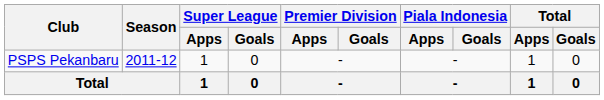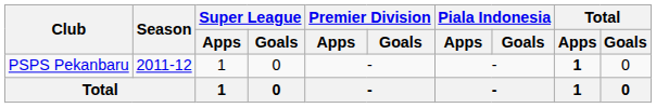 <table class="wikitable" style="font-size:90%; text-align:center;">
 <tr>
 <th rowspan="2">Club</th>
 <th rowspan="2">Season</th>
 <th colspan="2"><a href='#'>Super League</a></th>
 <th colspan="2"><a href='#'>Premier Division</a></th>
 <th colspan="2"><a href='#'>Piala Indonesia</a></th>
 <th colspan="2">Total</th>
 </tr>
 <tr>
 <th>Apps</th>
 <th>Goals</th>
 <th>Apps</th>
 <th>Goals</th>
 <th>Apps</th>
 <th>Goals</th>
 <th>Apps</th>
 <th>Goals</th>
 </tr>
 <tr>
 <td rowspan="1"><a href='#'>PSPS Pekanbaru</a></td>
 <td><a href='#'>2011-12</a></td>
 <td>1</td>
 <td>0</td>
 <td colspan="2">-</td>
 <td colspan="2">-</td>
-<td>1</td>
+<td><strong>1</strong></td>
 <td>0</td>
 </tr>
 <tr>
 <th colspan="2">Total</th>
 <th>1</th>
 <th>0</th>
 <th colspan="2">-</th>
 <th colspan="2">-</th>
 <th>1</th>
 <th>0</th>
 </tr>
 </table>
